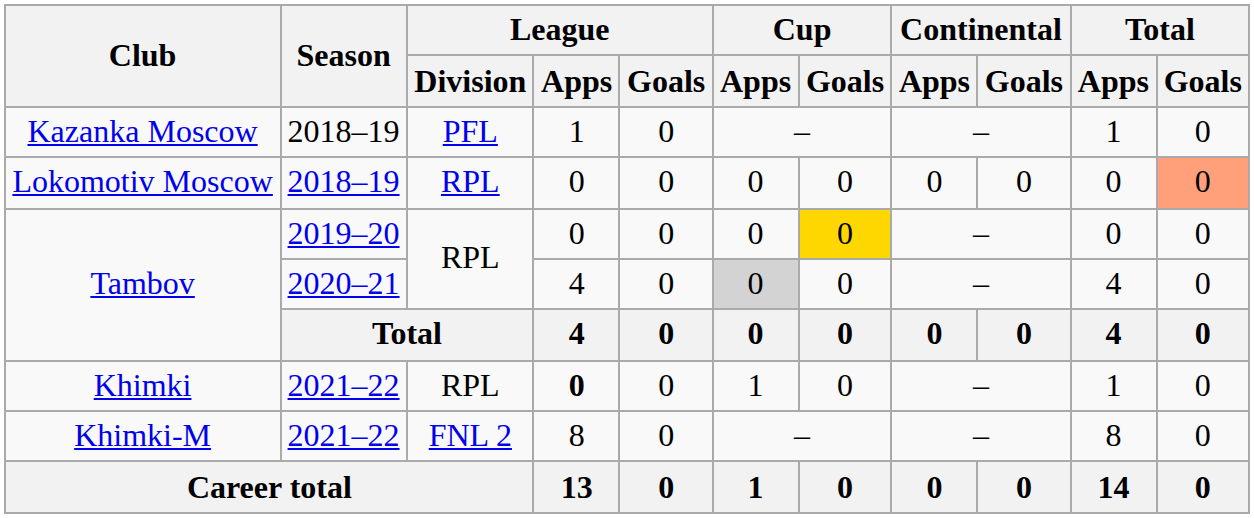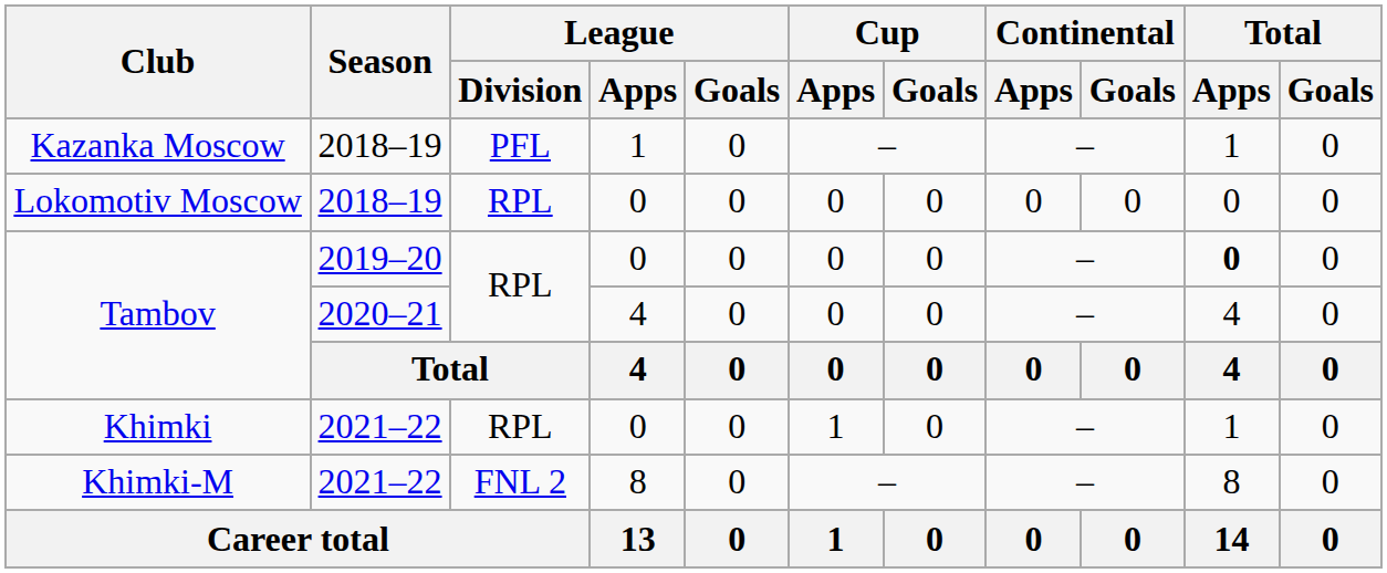 <table class="wikitable" style="text-align: center;">
 <tr>
 <th rowspan=2>Club</th>
 <th rowspan=2>Season</th>
 <th colspan=3>League</th>
 <th colspan=2>Cup</th>
 <th colspan=2>Continental</th>
 <th colspan=2>Total</th>
 </tr>
 <tr>
 <th>Division</th>
 <th>Apps</th>
 <th>Goals</th>
 <th>Apps</th>
 <th>Goals</th>
 <th>Apps</th>
 <th>Goals</th>
 <th>Apps</th>
 <th>Goals</th>
 </tr>
 <tr>
 <td><a href='#'>Kazanka Moscow</a></td>
 <td>2018–19</td>
 <td><a href='#'>PFL</a></td>
 <td>1</td>
 <td>0</td>
 <td colspan=2>–</td>
 <td colspan=2>–</td>
 <td>1</td>
 <td>0</td>
 </tr>
 <tr>
 <td><a href='#'>Lokomotiv Moscow</a></td>
 <td><a href='#'>2018–19</a></td>
 <td><a href='#'>RPL</a></td>
 <td>0</td>
 <td>0</td>
 <td>0</td>
 <td>0</td>
 <td>0</td>
 <td>0</td>
 <td>0</td>
-<td style="background: lightsalmon;">0</td>
+<td>0</td>
 </tr>
 <tr>
 <td rowspan="3"><a href='#'>Tambov</a></td>
 <td><a href='#'>2019–20</a></td>
 <td rowspan="2">RPL</td>
 <td>0</td>
 <td>0</td>
 <td>0</td>
-<td style="background: gold;">0</td>
+<td>0</td>
 <td colspan=2>–</td>
-<td>0</td>
+<td><strong>0</strong></td>
 <td>0</td>
 </tr>
 <tr>
 <td><a href='#'>2020–21</a></td>
 <td>4</td>
 <td>0</td>
-<td style="background: lightgrey;">0</td>
+<td>0</td>
 <td>0</td>
 <td colspan=2>–</td>
 <td>4</td>
 <td>0</td>
 </tr>
 <tr>
 <th colspan=2>Total</th>
 <th>4</th>
 <th>0</th>
 <th>0</th>
 <th>0</th>
 <th>0</th>
 <th>0</th>
 <th>4</th>
 <th>0</th>
 </tr>
 <tr>
 <td><a href='#'>Khimki</a></td>
 <td><a href='#'>2021–22</a></td>
 <td>RPL</td>
-<td><strong>0</strong></td>
+<td>0</td>
 <td>0</td>
 <td>1</td>
 <td>0</td>
 <td colspan=2>–</td>
 <td>1</td>
 <td>0</td>
 </tr>
 <tr>
 <td><a href='#'>Khimki-M</a></td>
 <td><a href='#'>2021–22</a></td>
 <td><a href='#'>FNL 2</a></td>
 <td>8</td>
 <td>0</td>
 <td colspan=2>–</td>
 <td colspan=2>–</td>
 <td>8</td>
 <td>0</td>
 </tr>
 <tr>
 <th colspan=3>Career total</th>
 <th>13</th>
 <th>0</th>
 <th>1</th>
 <th>0</th>
 <th>0</th>
 <th>0</th>
 <th>14</th>
 <th>0</th>
 </tr>
 </table>
